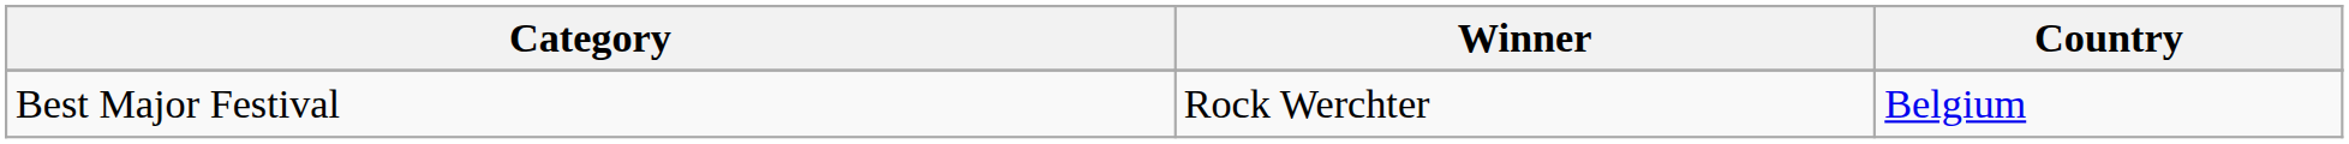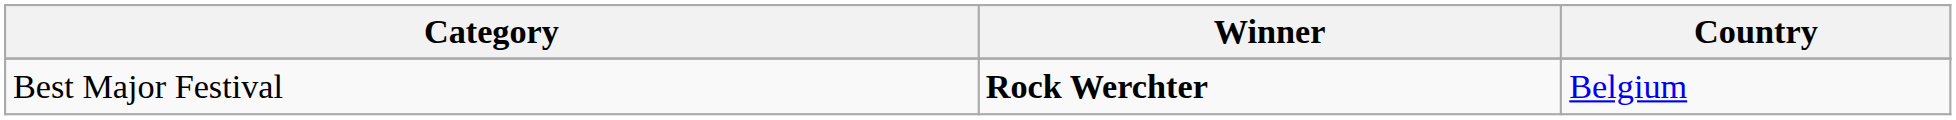 <table class="wikitable" width="72%">
 <tr>
 <th style="text-align:center;" width="50%" !>Category</th>
 <th style="text-align:center;" width="30%" !>Winner</th>
 <th style="text-align:center;" width="20%" !>Country</th>
 </tr>
 <tr bgcolor="#ffffff">
 </tr>
 <tr>
 <td>Best Major Festival</td>
-<td>Rock Werchter</td>
+<td><strong>Rock Werchter</strong></td>
 <td><a href='#'>Belgium</a></td>
 </tr>
 </table>
